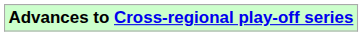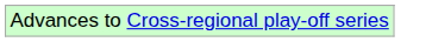 <table class="wikitable">
 <tr>
 </tr>
 <tr width=10px bgcolor="#ccffcc">
-<td><strong>Advances to <a href='#'>Cross-regional play-off series</a></strong></td>
+<td>Advances to <a href='#'>Cross-regional play-off series</a></td>
 </tr>
 </table>
